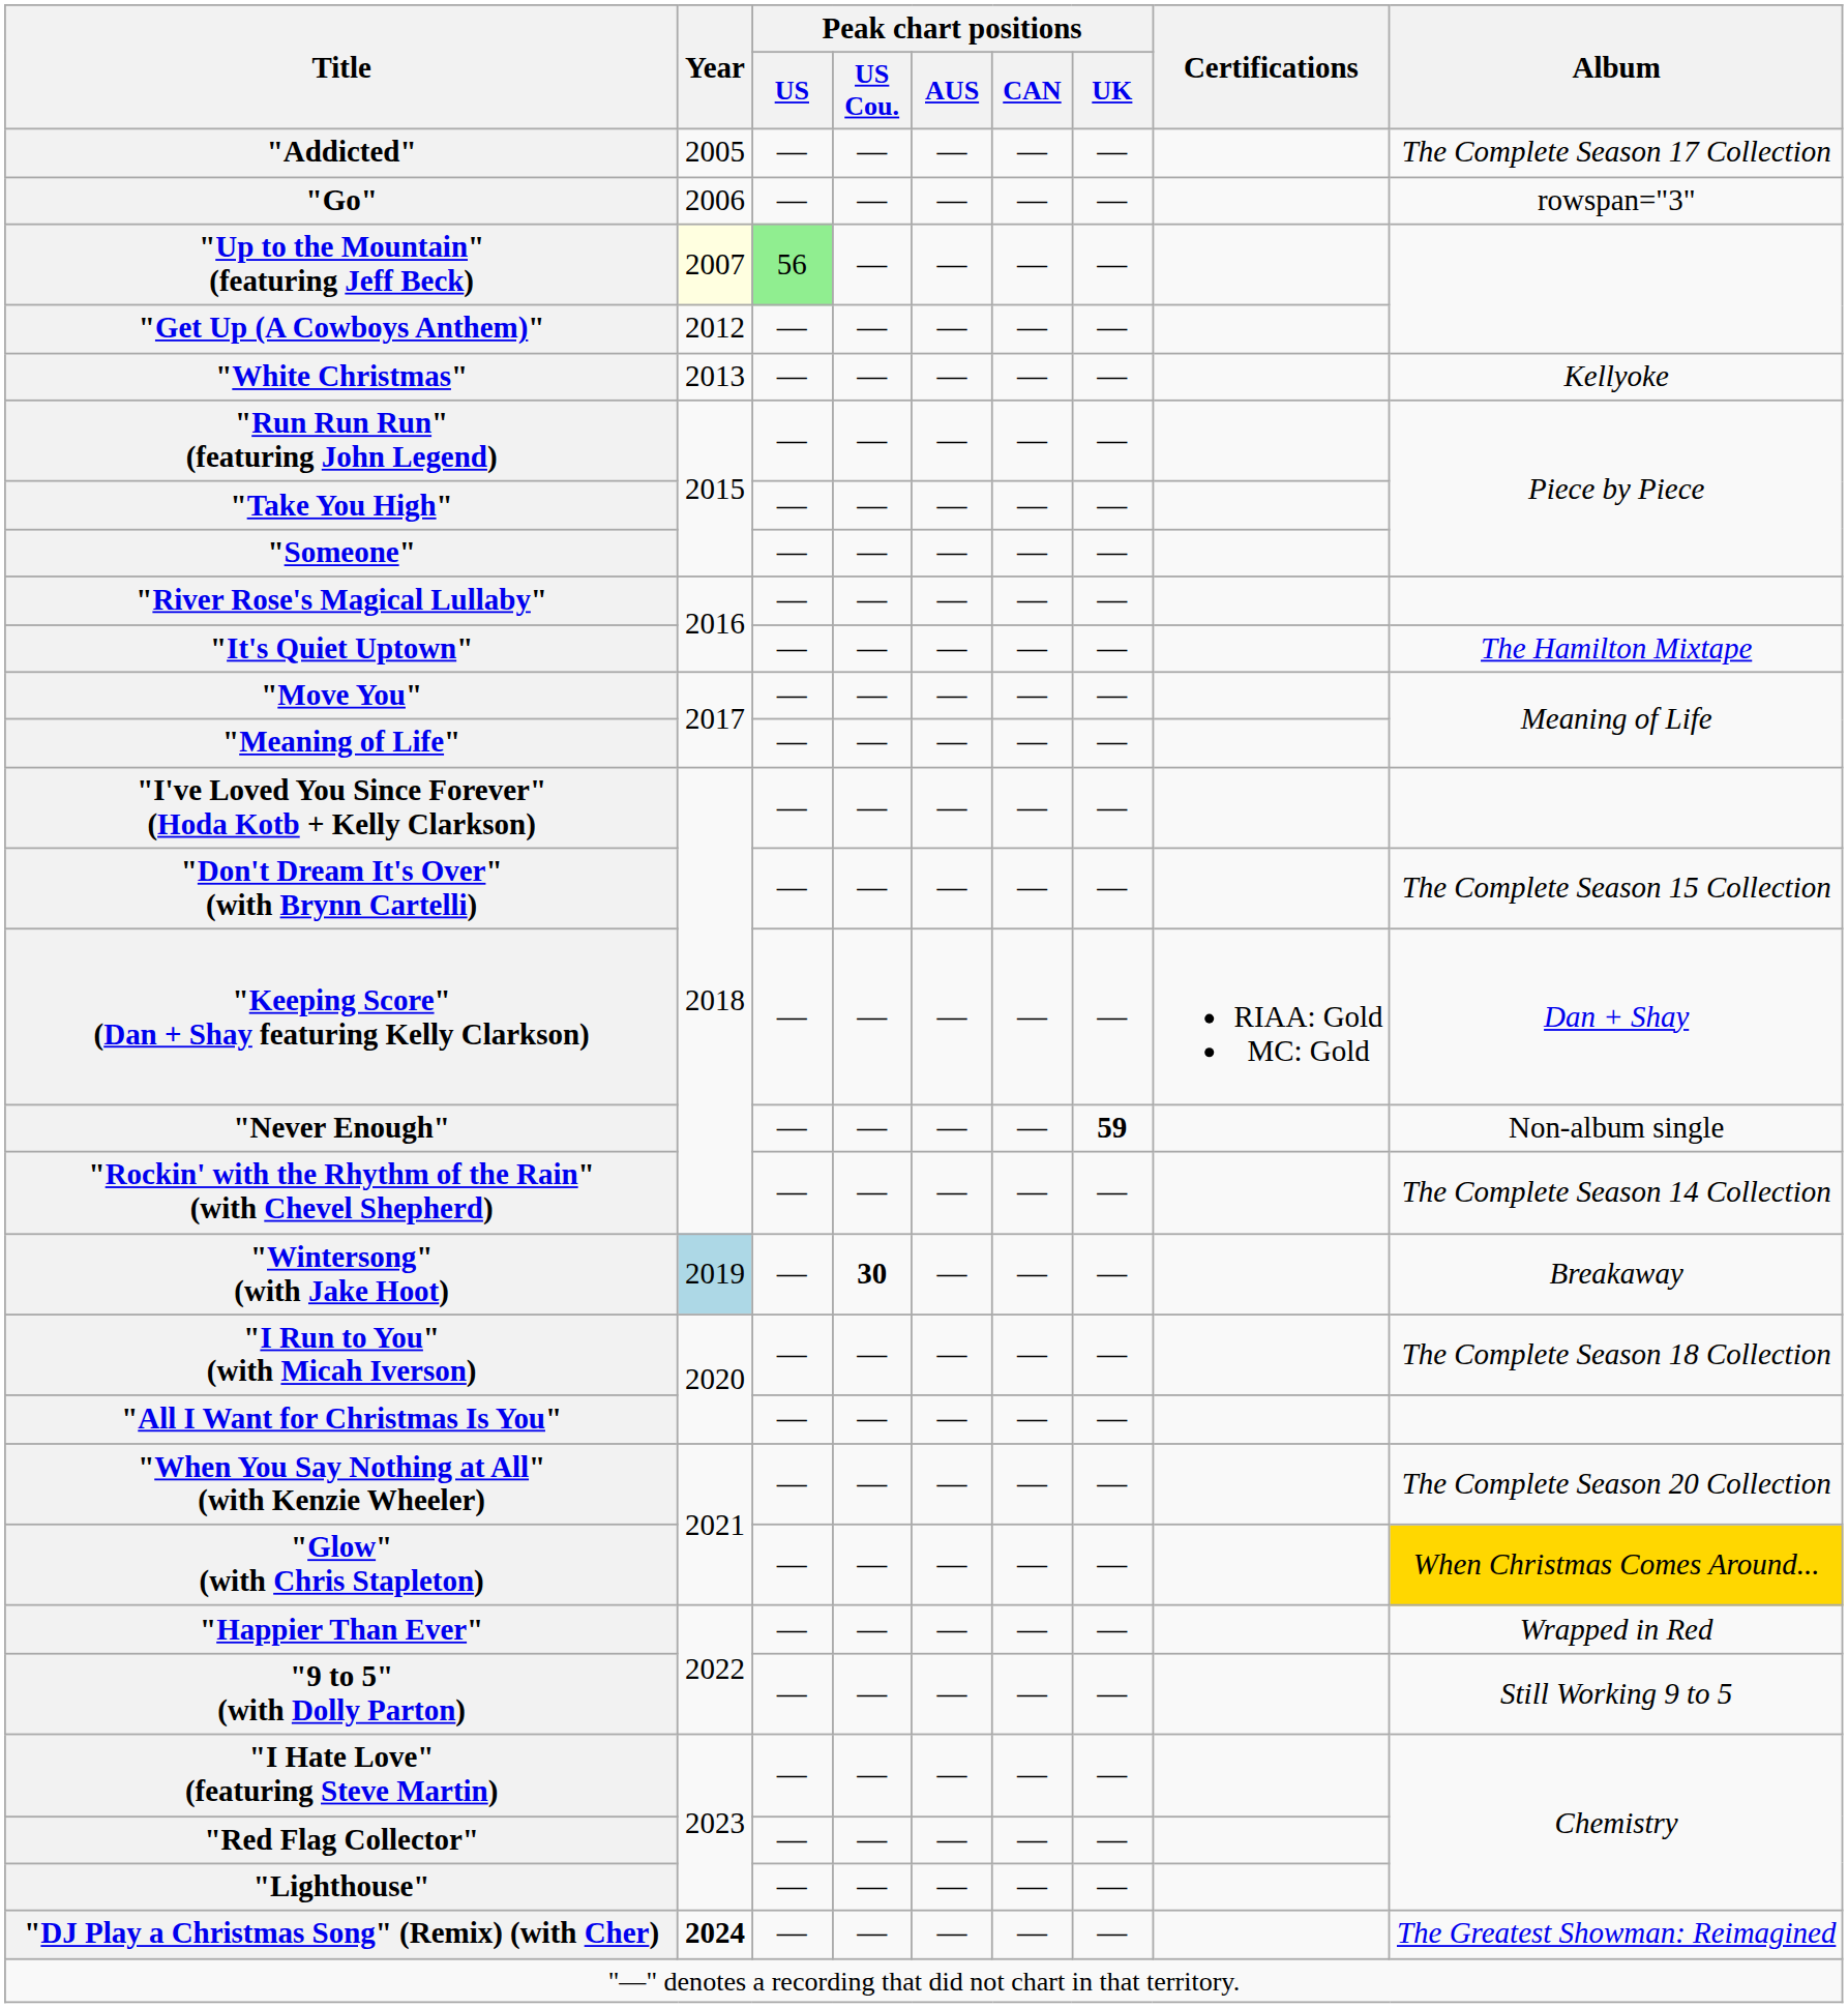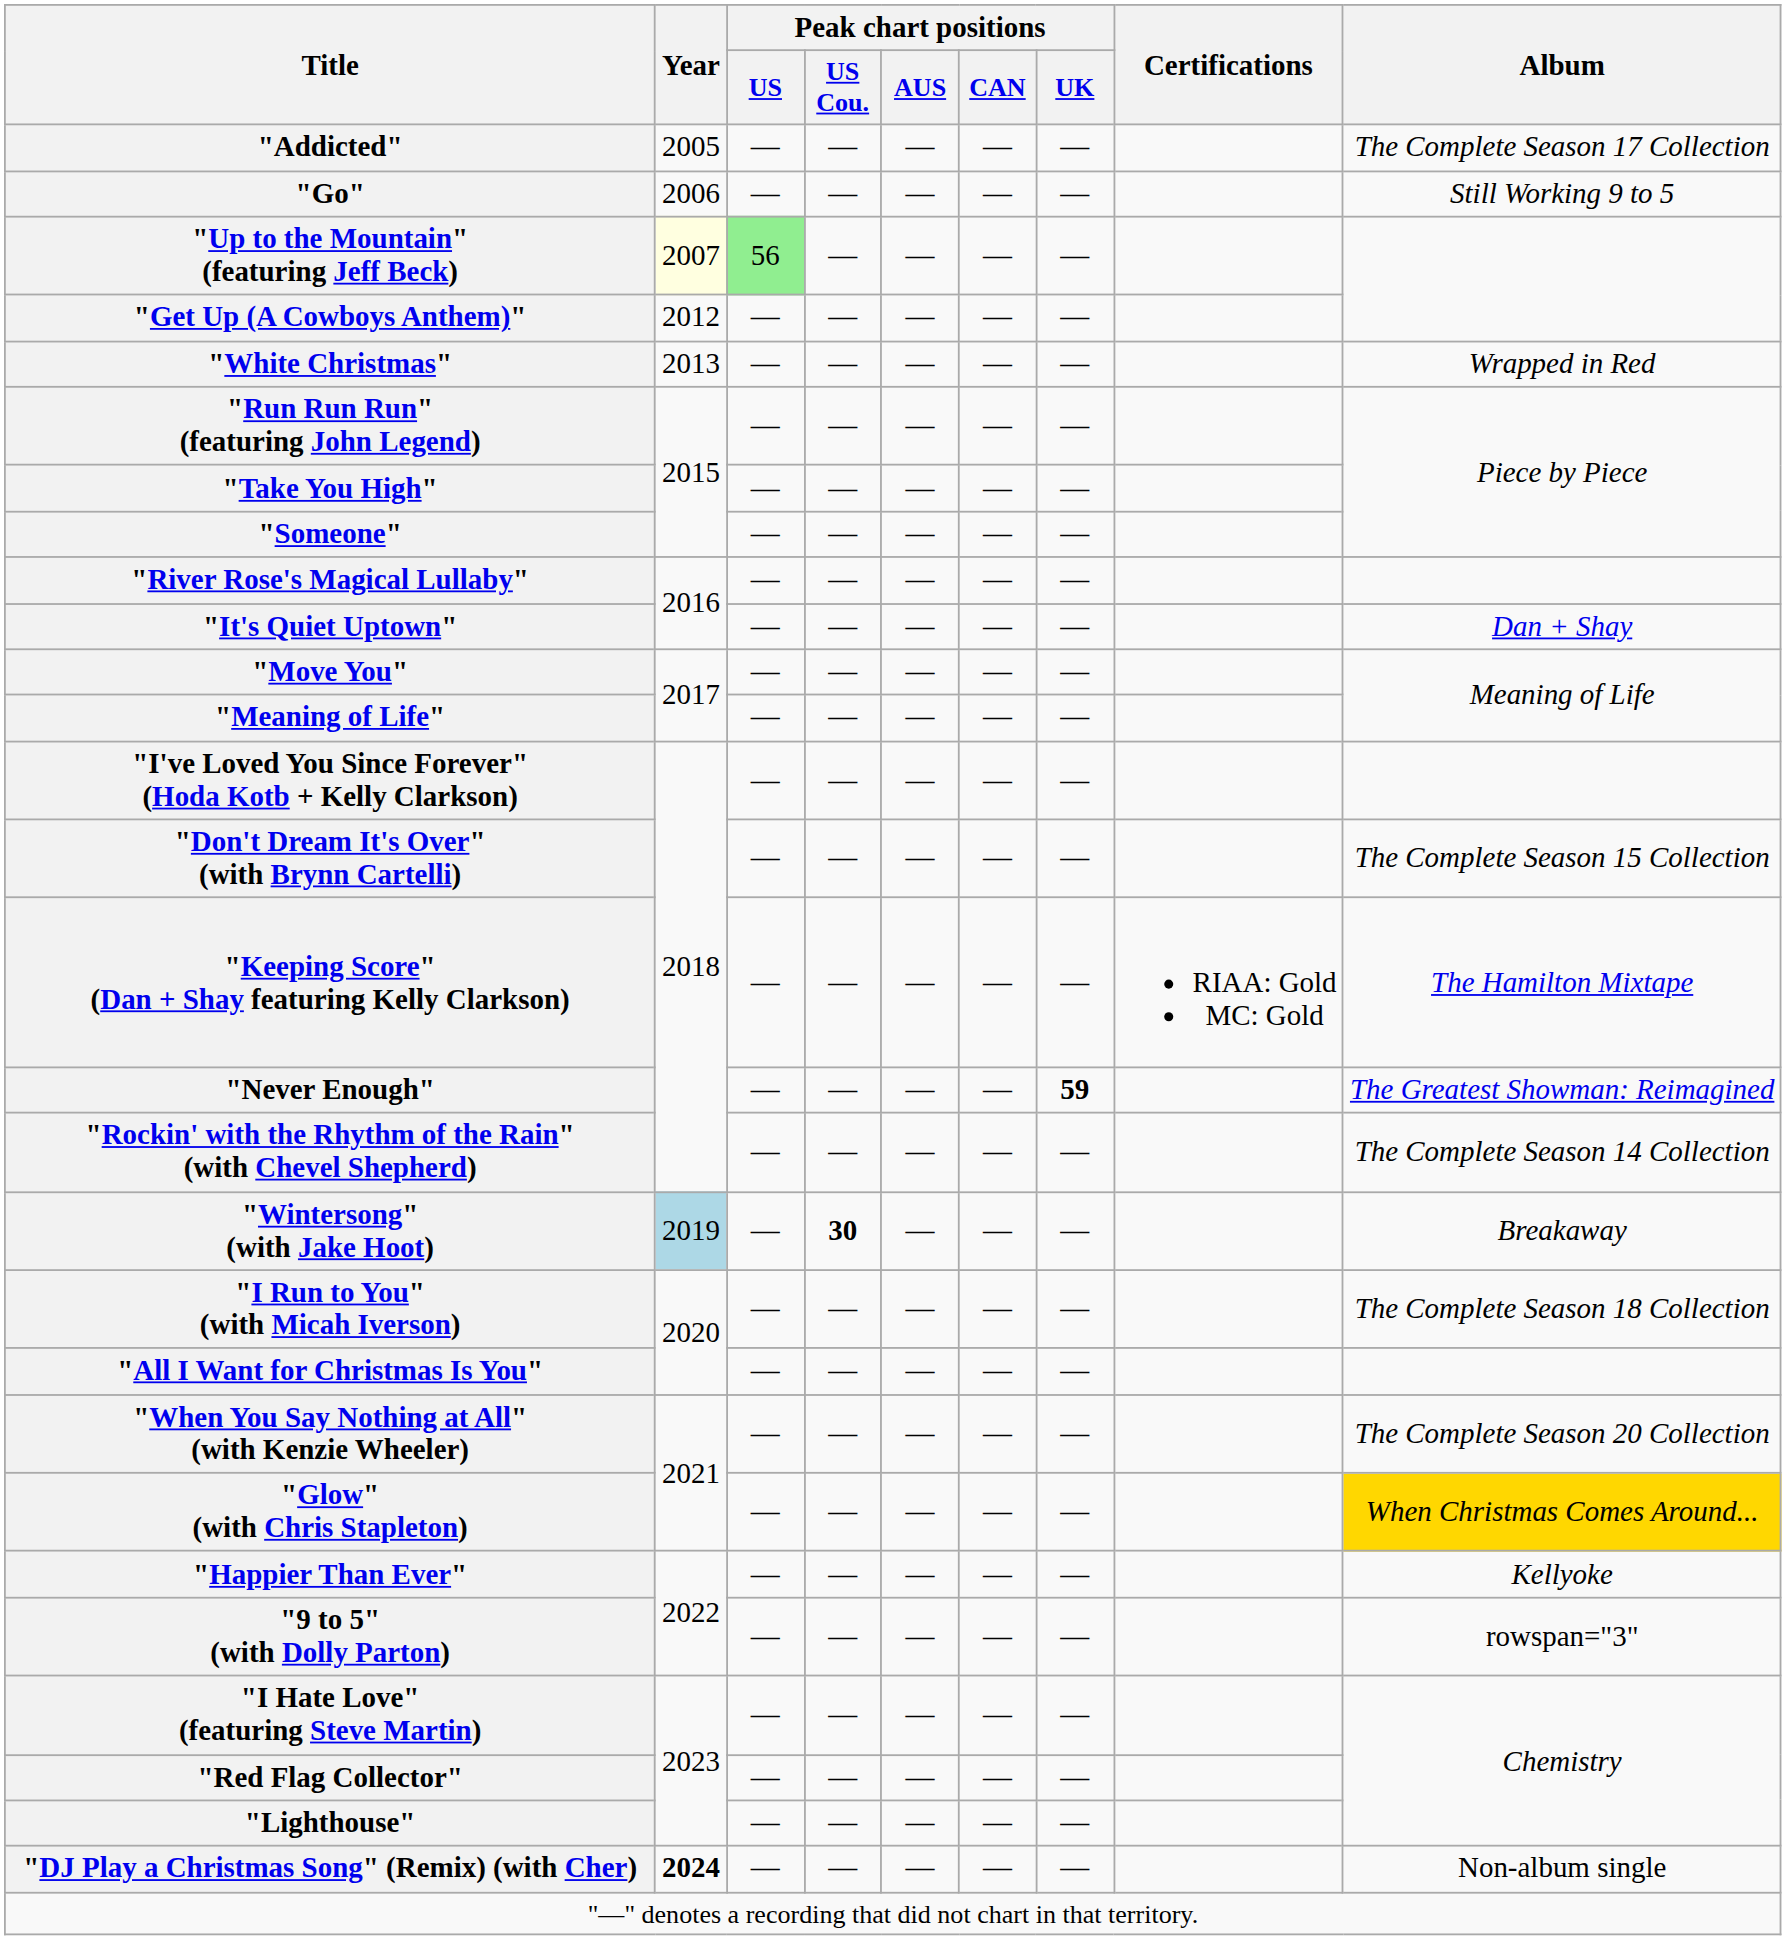 <table class="wikitable plainrowheaders" style="text-align:center;">
 <tr>
 <th scope="col" rowspan="2" style="width:22em;">Title</th>
 <th scope="col" rowspan="2">Year</th>
 <th scope="col" colspan="5">Peak chart positions</th>
 <th scope="col" rowspan="2">Certifications</th>
 <th scope="col" rowspan="2">Album</th>
 </tr>
 <tr>
 <th scope="col" style="width:2.5em;font-size:90%;"><a href='#'>US</a><br></th>
 <th scope="col" style="width:2.5em;font-size:90%;"><a href='#'>US<br>Cou.</a><br></th>
 <th scope="col" style="width:2.5em;font-size:90%;"><a href='#'>AUS</a><br></th>
 <th scope="col" style="width:2.5em;font-size:90%;"><a href='#'>CAN</a><br></th>
 <th scope="col" style="width:2.5em;font-size:90%;"><a href='#'>UK</a><br></th>
 </tr>
 <tr>
 <th scope="row">"Addicted"</th>
 <td>2005</td>
 <td>—</td>
 <td>—</td>
 <td>—</td>
 <td>—</td>
 <td>—</td>
 <td></td>
 <td><em>The Complete Season 17 Collection</em></td>
 </tr>
 <tr>
 <th scope="row">"Go"</th>
 <td>2006</td>
 <td>—</td>
 <td>—</td>
 <td>—</td>
 <td>—</td>
 <td>—</td>
 <td></td>
-<td>rowspan="3" </td>
+<td><em>Still Working 9 to 5</em></td>
 </tr>
 <tr>
 <th scope="row">"<a href='#'>Up to the Mountain</a>"<br><span>(featuring <a href='#'>Jeff Beck</a>)</span></th>
 <td style="background: lightyellow;">2007</td>
 <td style="background: lightgreen;">56</td>
 <td>—</td>
 <td>—</td>
 <td>—</td>
 <td>—</td>
 <td></td>
 </tr>
 <tr>
 <th scope="row">"<a href='#'>Get Up (A Cowboys Anthem)</a>"</th>
 <td>2012</td>
 <td>—</td>
 <td>—</td>
 <td>—</td>
 <td>—</td>
 <td>—</td>
 <td></td>
 </tr>
 <tr>
 <th scope="row">"<a href='#'>White Christmas</a>"</th>
 <td>2013</td>
 <td>—</td>
 <td>—</td>
 <td>—</td>
 <td>—</td>
 <td>—</td>
 <td></td>
-<td><em>Kellyoke</em></td>
+<td><em>Wrapped in Red</em></td>
 </tr>
 <tr>
 <th scope="row">"<a href='#'>Run Run Run</a>"<br><span>(featuring <a href='#'>John Legend</a>)</span></th>
 <td rowspan="3">2015</td>
 <td>—</td>
 <td>—</td>
 <td>—</td>
 <td>—</td>
 <td>—</td>
 <td></td>
 <td rowspan="3"><em>Piece by Piece</em></td>
 </tr>
 <tr>
 <th scope="row">"<a href='#'>Take You High</a>"</th>
 <td>—</td>
 <td>—</td>
 <td>—</td>
 <td>—</td>
 <td>—</td>
 <td></td>
 </tr>
 <tr>
 <th scope="row">"<a href='#'>Someone</a>"</th>
 <td>—</td>
 <td>—</td>
 <td>—</td>
 <td>—</td>
 <td>—</td>
 </tr>
 <tr>
 <th scope="row">"<a href='#'>River Rose's Magical Lullaby</a>"</th>
 <td rowspan="2">2016</td>
 <td>—</td>
 <td>—</td>
 <td>—</td>
 <td>—</td>
 <td>—</td>
 <td></td>
 <td></td>
 </tr>
 <tr>
 <th scope="row">"<a href='#'>It's Quiet Uptown</a>"</th>
 <td>—</td>
 <td>—</td>
 <td>—</td>
 <td>—</td>
 <td>—</td>
 <td></td>
-<td><em><a href='#'>The Hamilton Mixtape</a></em></td>
+<td><em><a href='#'>Dan + Shay</a></em></td>
 </tr>
 <tr>
 <th scope="row">"<a href='#'>Move You</a>"</th>
 <td rowspan="2">2017</td>
 <td>—</td>
 <td>—</td>
 <td>—</td>
 <td>—</td>
 <td>—</td>
 <td></td>
 <td rowspan="2"><em>Meaning of Life</em></td>
 </tr>
 <tr>
 <th scope="row">"<a href='#'>Meaning of Life</a>"</th>
 <td>—</td>
 <td>—</td>
 <td>—</td>
 <td>—</td>
 <td>—</td>
 <td></td>
 </tr>
 <tr>
 <th scope="row">"I've Loved You Since Forever"<br><span>(<a href='#'>Hoda Kotb</a> + Kelly Clarkson)</span></th>
 <td rowspan="5">2018</td>
 <td>—</td>
 <td>—</td>
 <td>—</td>
 <td>—</td>
 <td>—</td>
 <td></td>
 <td></td>
 </tr>
 <tr>
 <th scope="row">"<a href='#'>Don't Dream It's Over</a>"<br><span>(with <a href='#'>Brynn Cartelli</a>)</span></th>
 <td>—</td>
 <td>—</td>
 <td>—</td>
 <td>—</td>
 <td>—</td>
 <td></td>
 <td><em>The Complete Season 15 Collection</em></td>
 </tr>
 <tr>
 <th scope="row">"<a href='#'>Keeping Score</a>"<br><span>(<a href='#'>Dan + Shay</a> featuring Kelly Clarkson)</span></th>
 <td>—</td>
 <td>—</td>
 <td>—</td>
 <td>—</td>
 <td>—</td>
 <td><br><ul><li>RIAA: Gold</li><li>MC: Gold</li></ul></td>
-<td><em><a href='#'>Dan + Shay</a></em></td>
+<td><em><a href='#'>The Hamilton Mixtape</a></em></td>
 </tr>
 <tr>
 <th scope="row">"Never Enough"</th>
 <td>—</td>
 <td>—</td>
 <td>—</td>
 <td>—</td>
 <td><strong>59</strong></td>
 <td></td>
-<td>Non-album single</td>
+<td><em><a href='#'>The Greatest Showman: Reimagined</a></em></td>
 </tr>
 <tr>
 <th scope="row">"<a href='#'>Rockin' with the Rhythm of the Rain</a>"<br><span>(with <a href='#'>Chevel Shepherd</a>)</span></th>
 <td>—</td>
 <td>—</td>
 <td>—</td>
 <td>—</td>
 <td>—</td>
 <td></td>
 <td><em>The Complete Season 14 Collection</em></td>
 </tr>
 <tr>
 <th scope="row">"<a href='#'>Wintersong</a>"<br><span>(with <a href='#'>Jake Hoot</a>)</span></th>
 <td style="background: lightblue;">2019</td>
 <td>—</td>
 <td><strong>30</strong></td>
 <td>—</td>
 <td>—</td>
 <td>—</td>
 <td></td>
 <td><em>Breakaway</em></td>
 </tr>
 <tr>
 <th scope="row">"<a href='#'>I Run to You</a>"<br><span>(with <a href='#'>Micah Iverson</a>)</span></th>
 <td rowspan="2">2020</td>
 <td>—</td>
 <td>—</td>
 <td>—</td>
 <td>—</td>
 <td>—</td>
 <td></td>
 <td><em>The Complete Season 18 Collection</em></td>
 </tr>
 <tr>
 <th scope="row">"<a href='#'>All I Want for Christmas Is You</a>"</th>
 <td>—</td>
 <td>—</td>
 <td>—</td>
 <td>—</td>
 <td>—</td>
 <td></td>
 <td></td>
 </tr>
 <tr>
 <th scope="row">"<a href='#'>When You Say Nothing at All</a>"<br><span>(with Kenzie Wheeler)</span></th>
 <td rowspan="2">2021</td>
 <td>—</td>
 <td>—</td>
 <td>—</td>
 <td>—</td>
 <td>—</td>
 <td></td>
 <td><em>The Complete Season 20 Collection</em></td>
 </tr>
 <tr>
 <th scope="row">"<a href='#'>Glow</a>"<br><span>(with <a href='#'>Chris Stapleton</a>)</span></th>
 <td>—</td>
 <td>—</td>
 <td>—</td>
 <td>—</td>
 <td>—</td>
 <td></td>
 <td style="background: gold;"><em>When Christmas Comes Around...</em></td>
 </tr>
 <tr>
 <th scope="row">"<a href='#'>Happier Than Ever</a>"</th>
 <td rowspan="2">2022</td>
 <td>—</td>
 <td>—</td>
 <td>—</td>
 <td>—</td>
 <td>—</td>
 <td></td>
-<td><em>Wrapped in Red</em></td>
+<td><em>Kellyoke</em></td>
 </tr>
 <tr>
 <th scope="row">"9 to 5"<br><span>(with <a href='#'>Dolly Parton</a>)</span></th>
 <td>—</td>
 <td>—</td>
 <td>—</td>
 <td>—</td>
 <td>—</td>
 <td></td>
-<td><em>Still Working 9 to 5</em></td>
+<td>rowspan="3" </td>
 </tr>
 <tr>
 <th scope="row">"I Hate Love" <br><span>(featuring <a href='#'>Steve Martin</a>)</span></th>
 <td rowspan="3">2023</td>
 <td>—</td>
 <td>—</td>
 <td>—</td>
 <td>—</td>
 <td>—</td>
 <td></td>
 <td rowspan="3"><em>Chemistry</em></td>
 </tr>
 <tr>
 <th scope="row">"Red Flag Collector"</th>
 <td>—</td>
 <td>—</td>
 <td>—</td>
 <td>—</td>
 <td>—</td>
 <td></td>
 </tr>
 <tr>
 <th scope="row">"Lighthouse"</th>
 <td>—</td>
 <td>—</td>
 <td>—</td>
 <td>—</td>
 <td>—</td>
 <td></td>
 </tr>
 <tr>
 <th scope="row">"<a href='#'>DJ Play a Christmas Song</a>" (Remix) <span>(with <a href='#'>Cher</a>)</span></th>
 <td><strong>2024</strong></td>
 <td>—</td>
 <td>—</td>
 <td>—</td>
 <td>—</td>
 <td>—</td>
 <td></td>
-<td><em><a href='#'>The Greatest Showman: Reimagined</a></em></td>
+<td>Non-album single</td>
 </tr>
 <tr>
 <td colspan="11" style="font-size:90%">"—" denotes a recording that did not chart in that territory.</td>
 </tr>
 </table>
